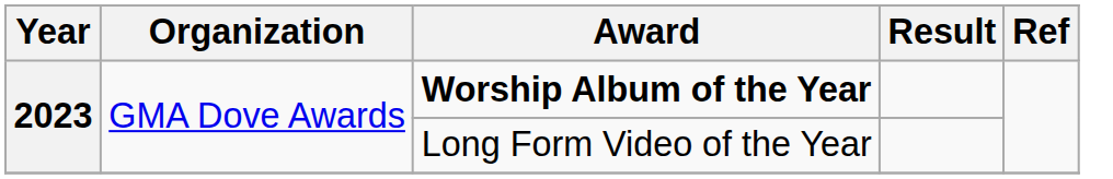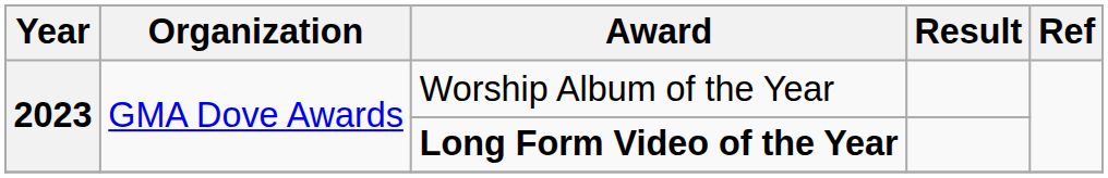 <table class="wikitable plainrowheaders">
 <tr>
 <th>Year</th>
 <th>Organization</th>
 <th>Award</th>
 <th>Result</th>
 <th style="text-align:center">Ref</th>
 </tr>
 <tr>
 <th scope="row" rowspan="2">2023</th>
 <td rowspan="2"><a href='#'>GMA Dove Awards</a></td>
-<td><strong>Worship Album of the Year</strong></td>
+<td>Worship Album of the Year</td>
 <td></td>
 <td rowspan="2"></td>
 </tr>
 <tr>
-<td>Long Form Video of the Year</td>
+<td><strong>Long Form Video of the Year</strong></td>
 <td></td>
 </tr>
 <tr>
 </tr>
 </table>
